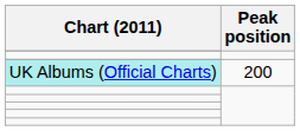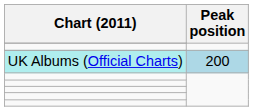 <table class="wikitable sortable">
 <tr>
 <th>Chart (2011)</th>
 <th>Peak<br>position</th>
 </tr>
 <tr>
 </tr>
 <tr>
 <td></td>
 </tr>
 <tr>
 </tr>
 <tr>
 </tr>
 <tr>
 <td style="background: paleturquoise;">UK Albums (<a href='#'>Official Charts</a>)</td>
-<td align=center>200</td>
+<td align=center style="background: lightblue;">200</td>
 </tr>
 <tr>
 <td></td>
 </tr>
 <tr>
 <td></td>
 </tr>
 <tr>
 <td></td>
 </tr>
 <tr>
 <td></td>
 </tr>
 <tr>
 <td></td>
 </tr>
 </table>
